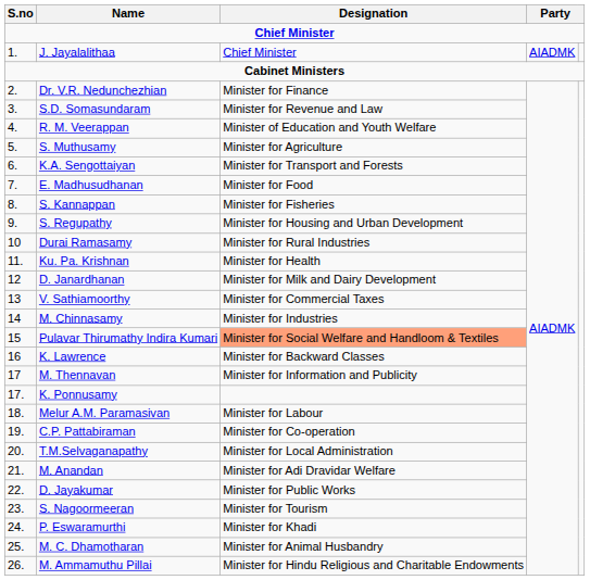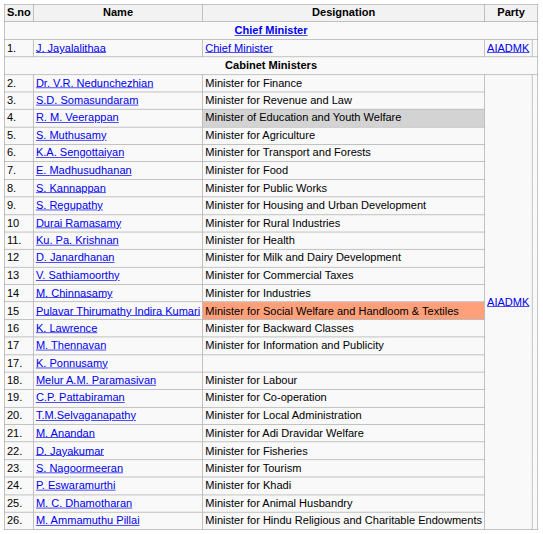 <table class="wikitable">
 <tr>
 <th>S.no</th>
 <th>Name</th>
 <th>Designation</th>
 <th colspan="2" scope="col">Party</th>
 </tr>
 <tr>
 <td colspan="5" style="text-align: center;"><strong><a href='#'>Chief Minister</a></strong></td>
 </tr>
 <tr>
 <td>1.</td>
 <td><a href='#'>J. Jayalalithaa</a></td>
 <td><a href='#'>Chief Minister</a></td>
 <td><a href='#'>AIADMK</a></td>
 <td width="1px" style="background-color: "></td>
 </tr>
 <tr>
 <td colspan="5" style="text-align: center;"><strong>Cabinet Ministers</strong></td>
 </tr>
 <tr>
 <td>2.</td>
 <td><a href='#'>Dr. V.R. Nedunchezhian</a></td>
 <td>Minister for Finance</td>
 <td rowspan="32"><a href='#'>AIADMK</a></td>
 <td rowspan="32" width="1px" style="background-color: "></td>
 </tr>
 <tr>
 <td>3.</td>
 <td><a href='#'>S.D. Somasundaram</a></td>
 <td>Minister for Revenue and Law</td>
 </tr>
 <tr>
 <td>4.</td>
 <td><a href='#'>R. M. Veerappan</a></td>
-<td>Minister of Education and Youth Welfare</td>
+<td style="background: lightgrey;">Minister of Education and Youth Welfare</td>
 </tr>
 <tr>
 <td>5.</td>
 <td><a href='#'>S. Muthusamy</a></td>
 <td>Minister for Agriculture</td>
 </tr>
 <tr>
 <td>6.</td>
 <td><a href='#'>K.A. Sengottaiyan</a></td>
 <td>Minister for Transport and Forests</td>
 </tr>
 <tr>
 <td>7.</td>
 <td><a href='#'>E. Madhusudhanan</a></td>
 <td>Minister for Food</td>
 </tr>
 <tr>
 <td>8.</td>
 <td><a href='#'>S. Kannappan</a></td>
-<td>Minister for Fisheries</td>
+<td>Minister for Public Works</td>
 </tr>
 <tr>
 <td>9.</td>
 <td><a href='#'>S. Regupathy</a></td>
 <td>Minister for Housing and Urban Development</td>
 </tr>
 <tr>
 <td>10</td>
 <td><a href='#'>Durai Ramasamy</a></td>
 <td>Minister for Rural Industries</td>
 </tr>
 <tr>
 <td>11.</td>
 <td><a href='#'>Ku. Pa. Krishnan</a></td>
 <td>Minister for Health</td>
 </tr>
 <tr>
 <td>12</td>
 <td><a href='#'>D. Janardhanan</a></td>
 <td>Minister for Milk and Dairy Development</td>
 </tr>
 <tr>
 <td>13</td>
 <td><a href='#'>V. Sathiamoorthy</a></td>
 <td>Minister for Commercial Taxes</td>
 </tr>
 <tr>
 <td>14</td>
 <td><a href='#'>M. Chinnasamy</a></td>
 <td>Minister for Industries</td>
 </tr>
 <tr>
 <td>15</td>
 <td><a href='#'>Pulavar Thirumathy Indira Kumari</a></td>
 <td style="background: lightsalmon;">Minister for Social Welfare and Handloom & Textiles</td>
 </tr>
 <tr>
 <td>16</td>
 <td><a href='#'>K. Lawrence</a></td>
 <td>Minister for Backward Classes</td>
 </tr>
 <tr>
 <td>17</td>
 <td><a href='#'>M. Thennavan</a></td>
 <td>Minister for Information and Publicity</td>
 </tr>
 <tr>
 <td>17.</td>
 <td><a href='#'>K. Ponnusamy</a></td>
 </tr>
 <tr>
 <td>18.</td>
 <td><a href='#'>Melur A.M. Paramasivan</a></td>
 <td>Minister for Labour</td>
 </tr>
 <tr>
 <td>19.</td>
 <td><a href='#'>C.P. Pattabiraman</a></td>
 <td>Minister for Co-operation</td>
 </tr>
 <tr>
 <td>20.</td>
 <td><a href='#'>T.M.Selvaganapathy</a></td>
 <td>Minister for Local Administration</td>
 </tr>
 <tr>
 <td>21.</td>
 <td><a href='#'>M. Anandan</a></td>
 <td>Minister for Adi Dravidar  Welfare</td>
 </tr>
 <tr>
 <td>22.</td>
 <td><a href='#'>D. Jayakumar</a></td>
-<td>Minister for Public Works</td>
+<td>Minister for Fisheries</td>
 </tr>
 <tr>
 <td>23.</td>
 <td><a href='#'>S. Nagoormeeran</a></td>
 <td>Minister for Tourism</td>
 </tr>
 <tr>
 <td>24.</td>
 <td><a href='#'>P. Eswaramurthi</a></td>
 <td>Minister for Khadi</td>
 </tr>
 <tr>
 <td>25.</td>
 <td><a href='#'>M. C. Dhamotharan</a></td>
 <td>Minister for Animal Husbandry</td>
 </tr>
 <tr>
 <td>26.</td>
 <td><a href='#'>M. Ammamuthu Pillai</a></td>
 <td>Minister for Hindu Religious and Charitable Endowments</td>
 </tr>
 </table>
